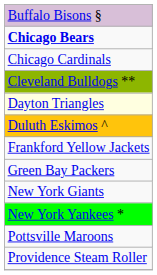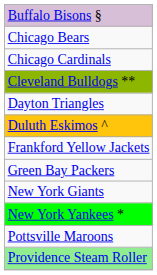 <table class="wikitable">
 <tr>
 <td style="background-color: #D8BFD8"><a href='#'>Buffalo Bisons</a> §</td>
 </tr>
 <tr>
-<td><strong><a href='#'>Chicago Bears</a></strong></td>
+<td><a href='#'>Chicago Bears</a></td>
 </tr>
 <tr>
 <td><a href='#'>Chicago Cardinals</a></td>
 </tr>
 <tr>
 <td style="background-color: #8DB600"><a href='#'><span>Cleveland Bulldogs</span></a> **</td>
 </tr>
 <tr>
-<td style="background: lightyellow;"><a href='#'>Dayton Triangles</a></td>
+<td><a href='#'>Dayton Triangles</a></td>
 </tr>
 <tr>
 <td style="background-color: #FFC40C"><a href='#'>Duluth Eskimos</a> ^</td>
 </tr>
 <tr>
 <td><a href='#'>Frankford Yellow Jackets</a></td>
 </tr>
 <tr>
 <td><a href='#'>Green Bay Packers</a></td>
 </tr>
 <tr>
 <td><a href='#'>New York Giants</a></td>
 </tr>
 <tr>
 <td style="background-color: #00FF00"><a href='#'>New York Yankees</a> *</td>
 </tr>
 <tr>
 <td><a href='#'>Pottsville Maroons</a></td>
 </tr>
 <tr>
-<td><a href='#'>Providence Steam Roller</a></td>
+<td style="background: lightgreen;"><a href='#'>Providence Steam Roller</a></td>
 </tr>
 <tr>
 </tr>
 </table>
